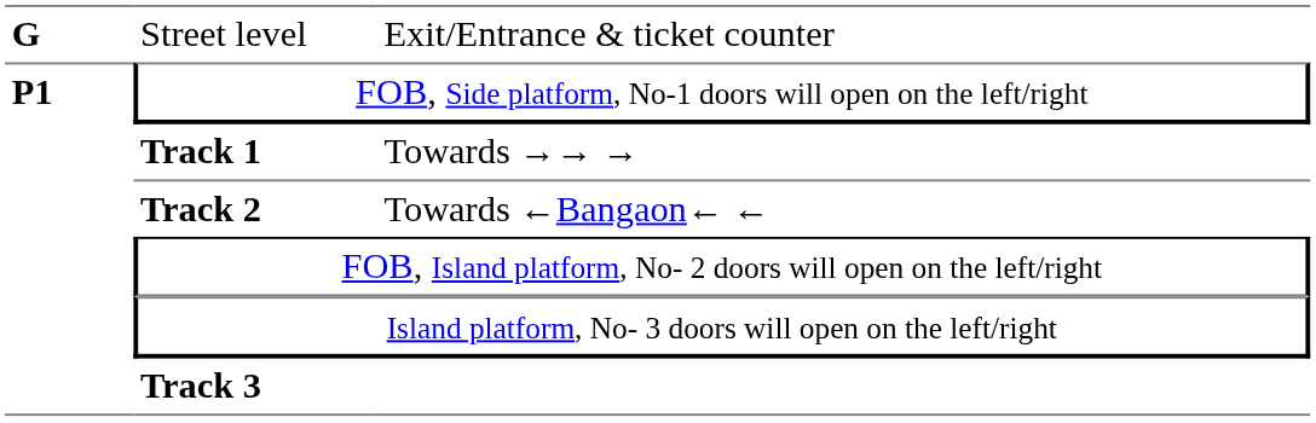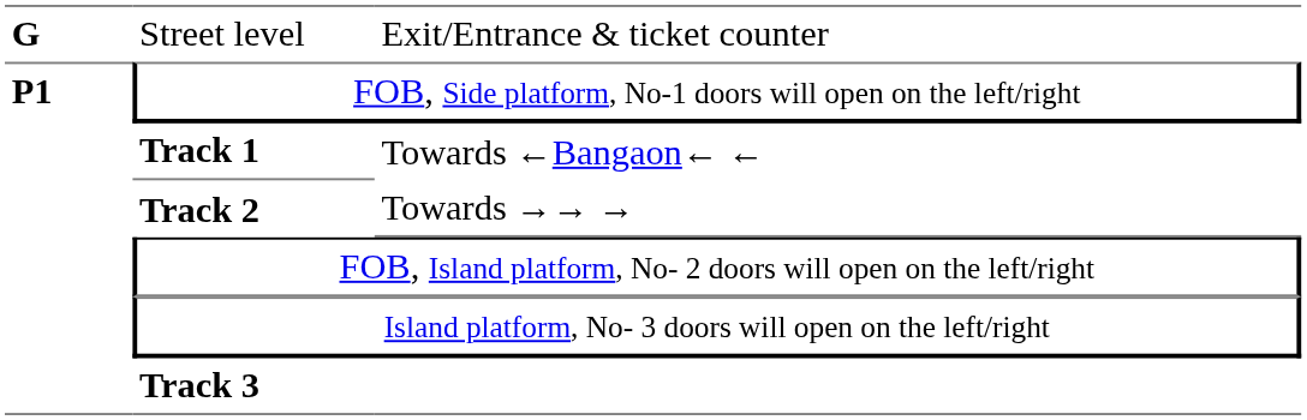 <table table border=0 cellspacing=0 cellpadding=3>
 <tr>
 <td style="border-top:solid 1px gray;" width=50 valign=top><strong>G</strong></td>
 <td style="border-top:solid 1px gray;" width=100 valign=top>Street level</td>
 <td style="border-top:solid 1px gray;" width=400 valign=top>Exit/Entrance & ticket counter</td>
 </tr>
 <tr>
 <td style="border-top:solid 1px gray;border-bottom:solid 1px gray;" width=50 rowspan=6 valign=top><strong>P1</strong></td>
 <td style="border-top:solid 1px gray;border-right:solid 2px black;border-left:solid 2px black;border-bottom:solid 2px black;text-align:center;" colspan=2><a href='#'>FOB</a>, <small><a href='#'>Side platform</a>, No-1 doors will open on the left/right</small></td>
 </tr>
 <tr>
 <td style="border-bottom:solid 1px gray;" width=100><strong>Track 1</strong></td>
-<td style="border-bottom:solid 1px gray;" width=400>Towards →→ →</td>
+<td> Towards ←<a href='#'>Bangaon</a>← ←</td>
 </tr>
 <tr>
 <td><strong>Track 2</strong></td>
-<td> Towards ←<a href='#'>Bangaon</a>← ←</td>
+<td style="border-bottom:solid 1px gray;" width=400>Towards →→ →</td>
 </tr>
 <tr>
 <td style="border-top:solid 1px black;border-right:solid 2px black;border-left:solid 2px black;border-bottom:solid 1px gray;text-align:center;" colspan=2><a href='#'>FOB</a>, <small><a href='#'>Island platform</a>, No- 2 doors will open on the left/right </small></td>
 </tr>
 <tr>
 <td style="border-top:solid 1px gray;border-right:solid 2px black;border-left:solid 2px black;border-bottom:solid 2px black;text-align:center;" colspan=2><small><a href='#'>Island platform</a>, No- 3 doors will open on the left/right</small></td>
 </tr>
 <tr>
 <td style="border-bottom:solid 1px gray;" width=100><strong>Track 3</strong></td>
 <td style="border-bottom:solid 1px gray;" width=400></td>
 </tr>
 <tr>
 </tr>
 </table>
